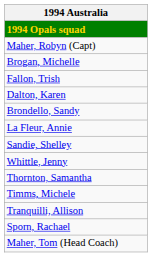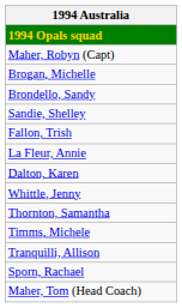 <table class="wikitable collapsible autocollapse" width=25%>
 <tr>
 <th>1994 Australia</th>
 </tr>
 <tr>
 <td bgcolor=green style="color:gold; width:200px"><strong>1994 Opals squad</strong></td>
 </tr>
 <tr>
 <td><a href='#'>Maher, Robyn</a> (Capt)</td>
 </tr>
 <tr>
 <td><a href='#'>Brogan, Michelle</a></td>
 </tr>
 <tr>
-<td><a href='#'>Fallon, Trish</a></td>
+<td><a href='#'>Brondello, Sandy</a></td>
 </tr>
 <tr>
-<td><a href='#'>Dalton, Karen</a></td>
+<td><a href='#'>Sandie, Shelley</a></td>
 </tr>
 <tr>
-<td><a href='#'>Brondello, Sandy</a></td>
+<td><a href='#'>Fallon, Trish</a></td>
 </tr>
 <tr>
 <td><a href='#'>La Fleur, Annie</a></td>
 </tr>
 <tr>
-<td><a href='#'>Sandie, Shelley</a></td>
+<td><a href='#'>Dalton, Karen</a></td>
 </tr>
 <tr>
 <td><a href='#'>Whittle, Jenny</a></td>
 </tr>
 <tr>
 <td><a href='#'>Thornton, Samantha</a></td>
 </tr>
 <tr>
 <td><a href='#'>Timms, Michele</a></td>
 </tr>
 <tr>
 <td><a href='#'>Tranquilli, Allison</a></td>
 </tr>
 <tr>
 <td><a href='#'>Sporn, Rachael</a></td>
 </tr>
 <tr>
 <td><a href='#'>Maher, Tom</a> (Head Coach)</td>
 </tr>
 </table>
